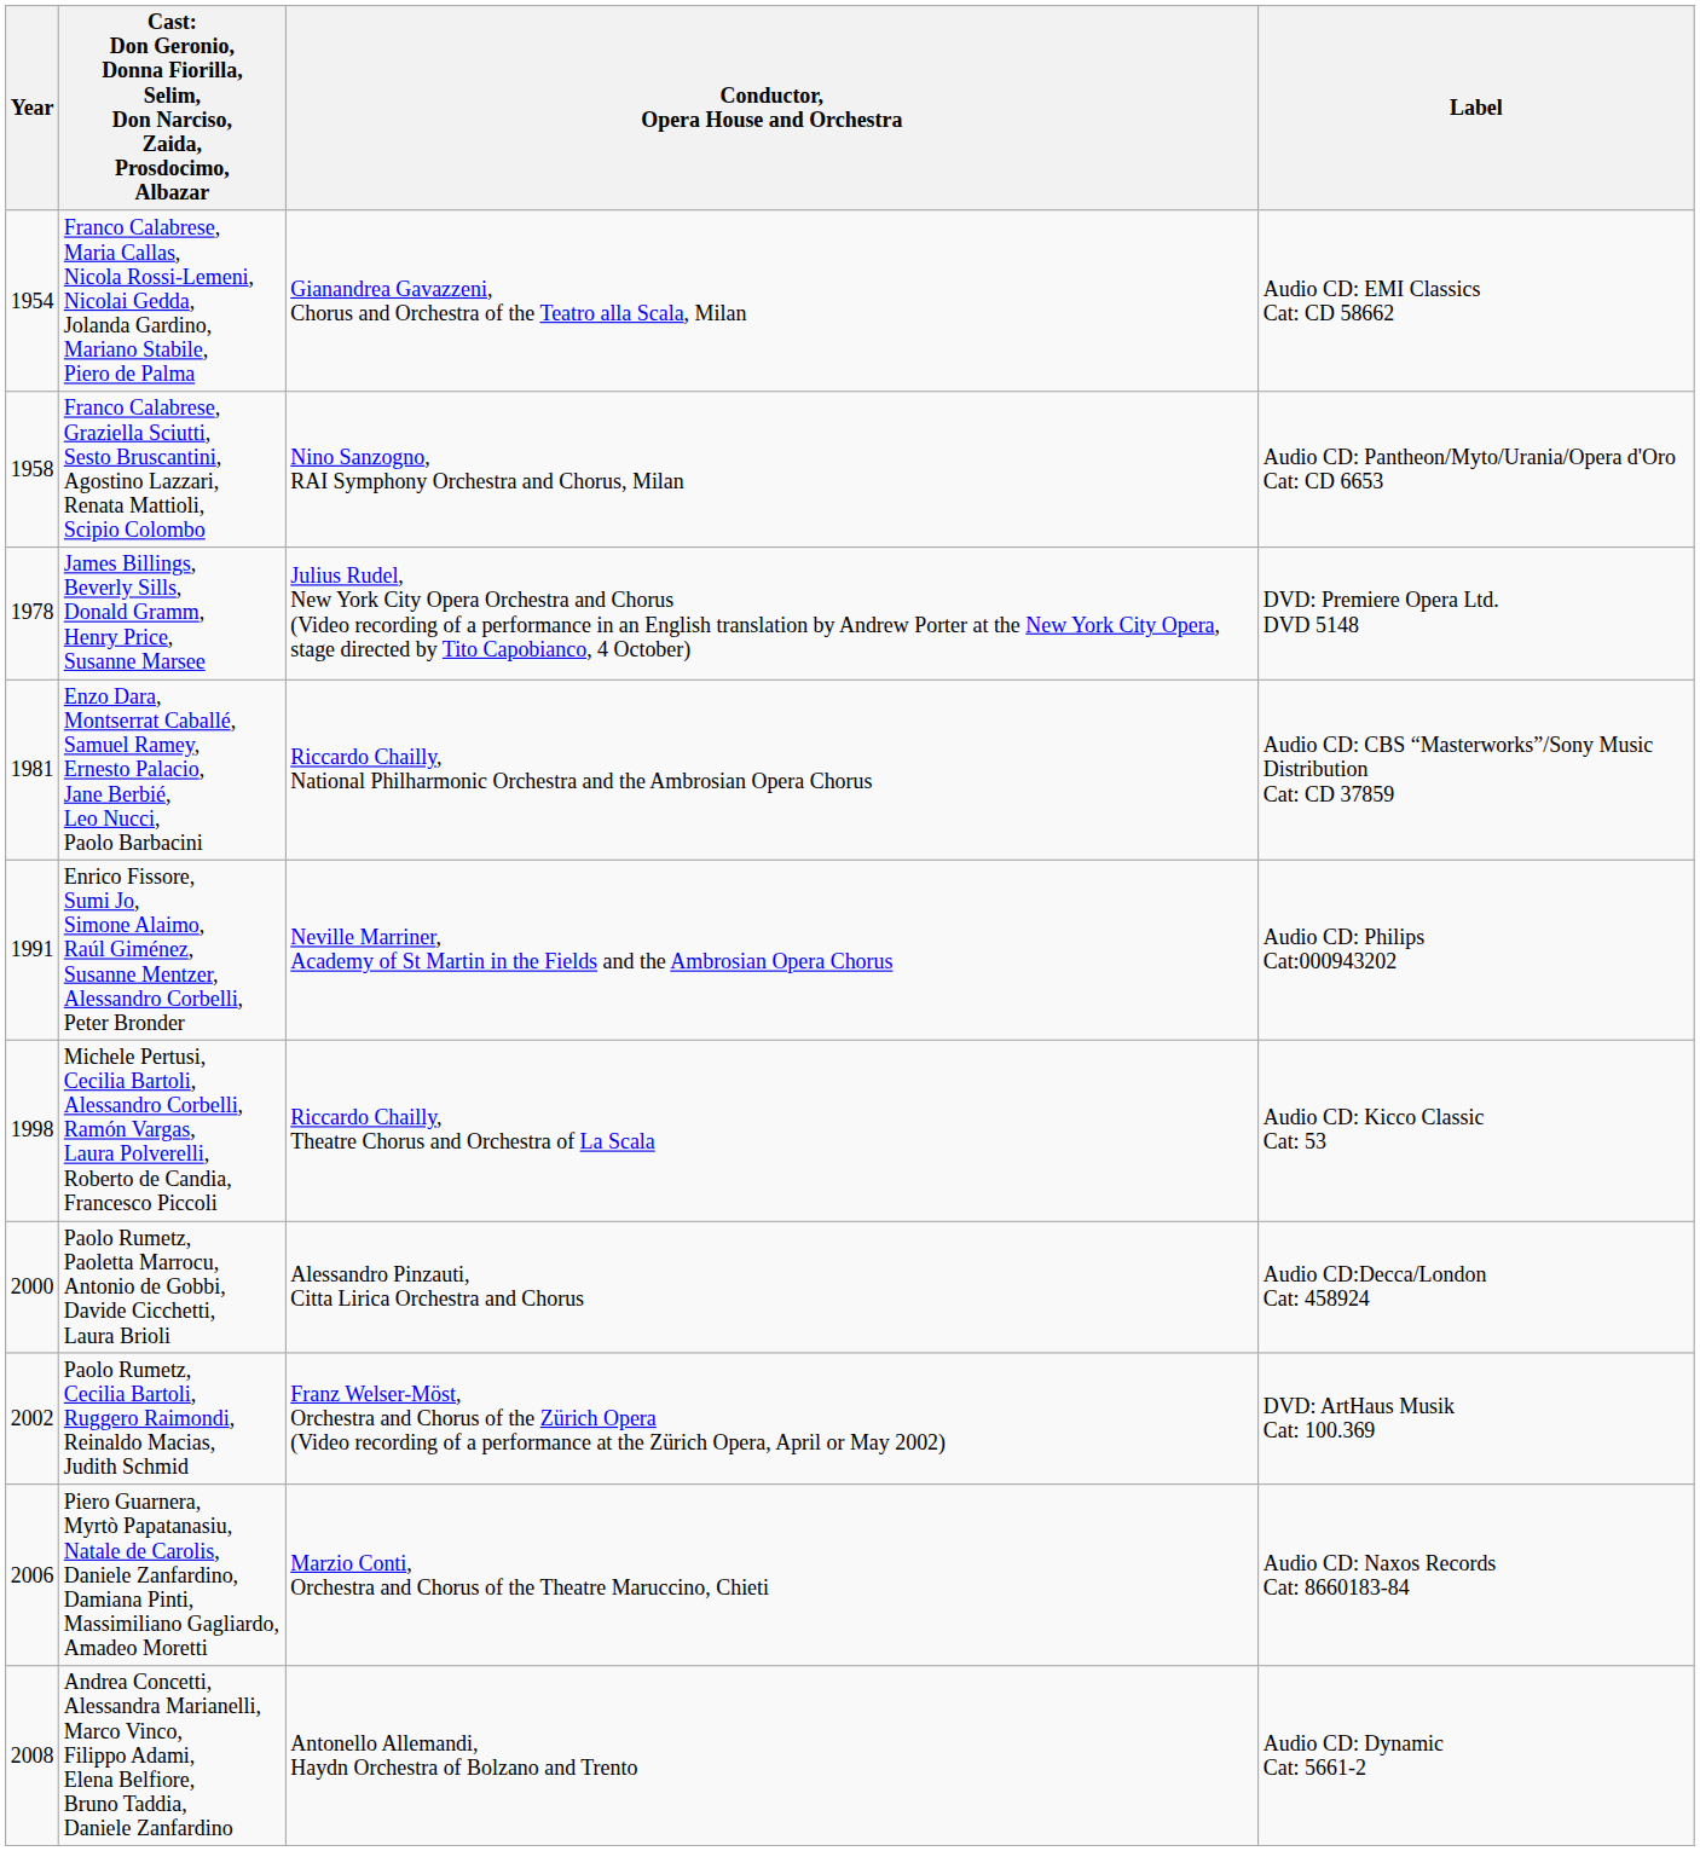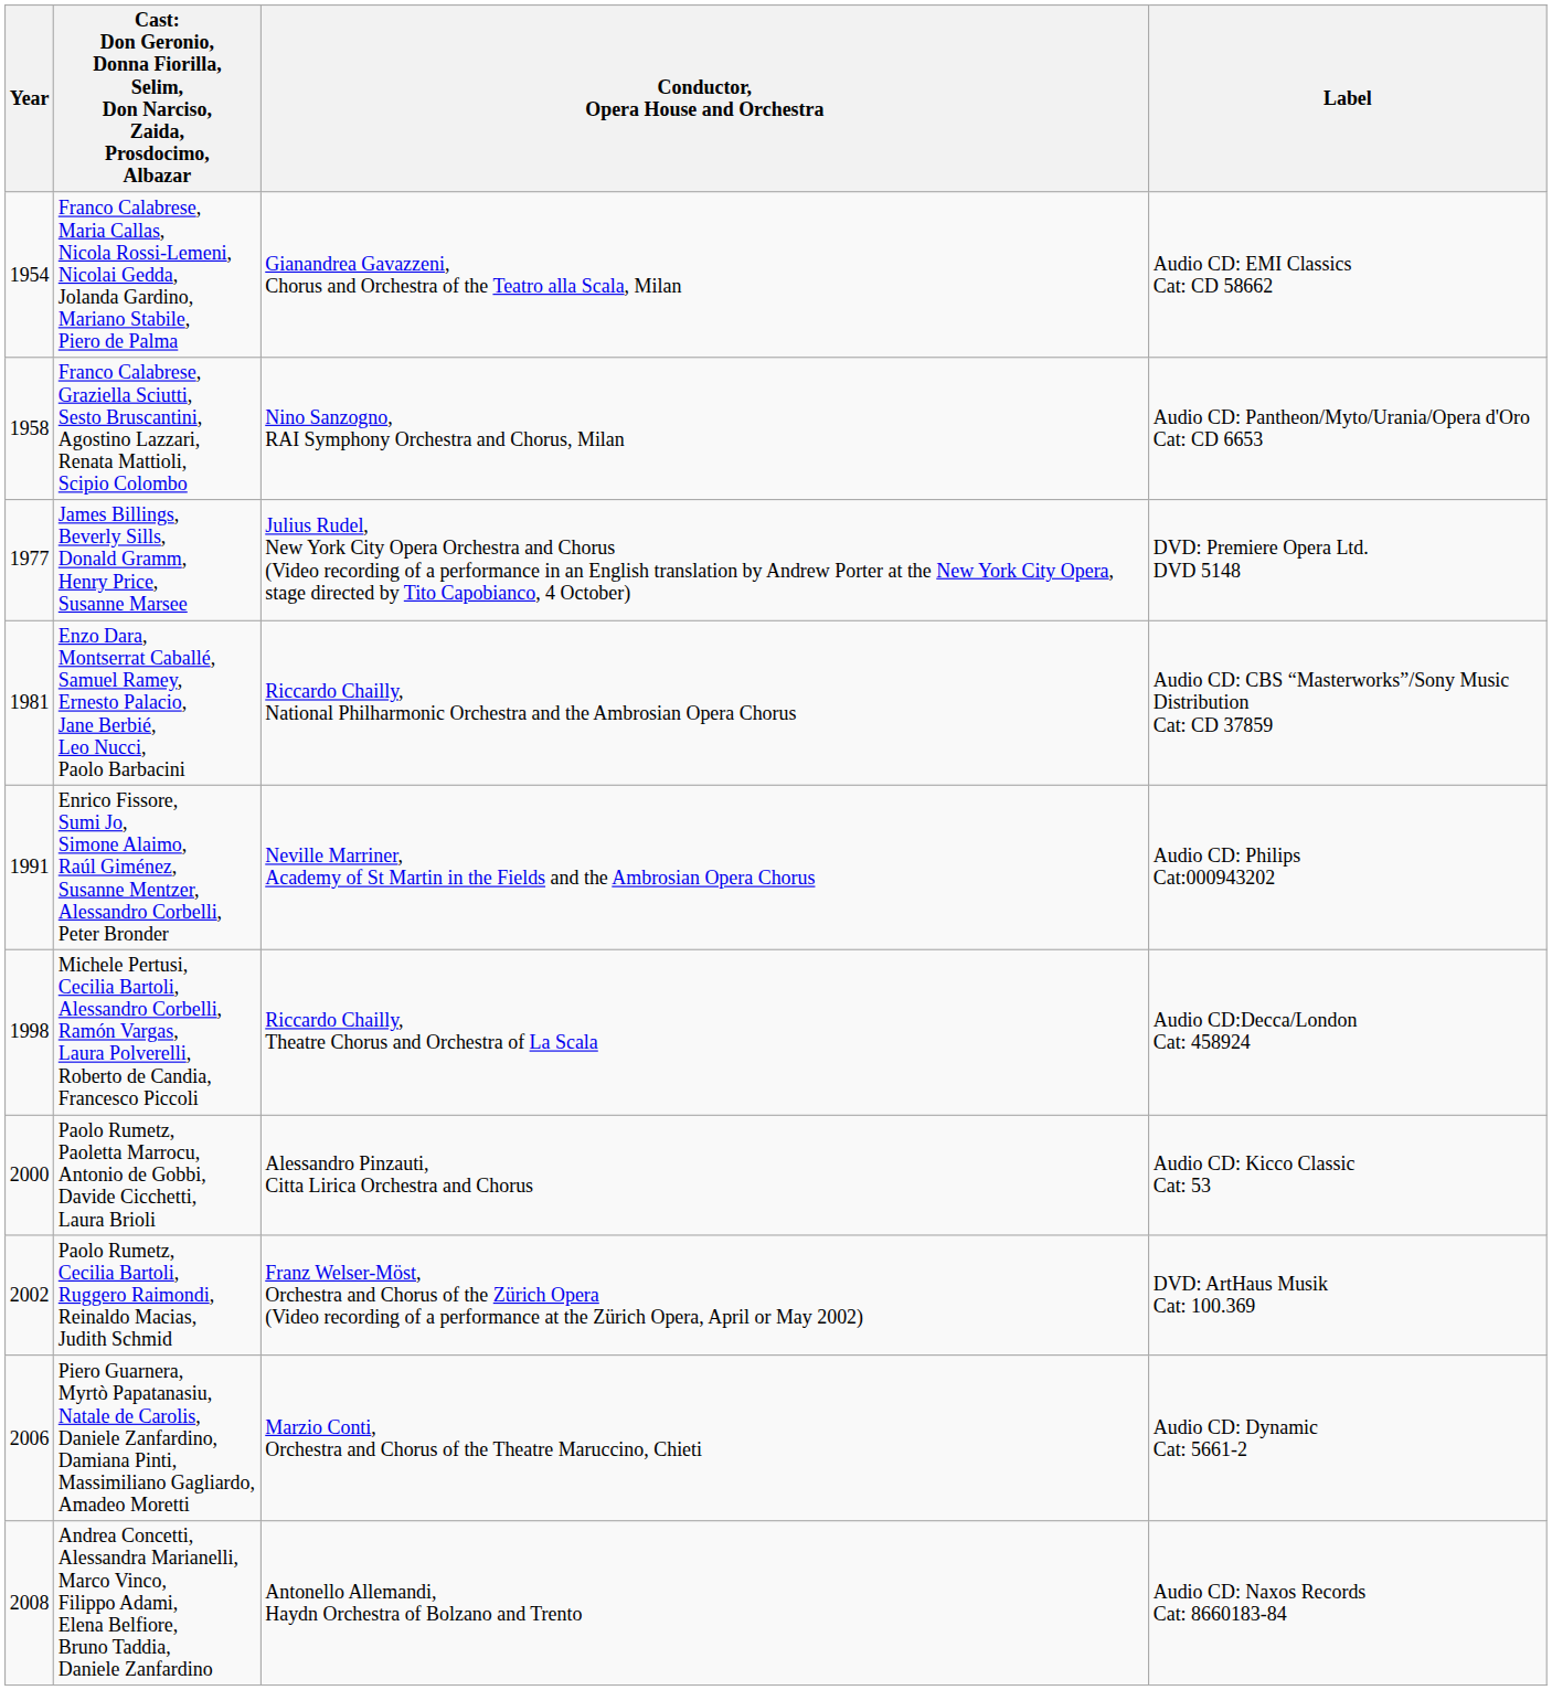 <table class="wikitable">
 <tr>
 <th>Year</th>
 <th width="160">Cast:<br>Don Geronio,<br>Donna Fiorilla,<br>Selim,<br>Don Narciso,<br>Zaida,<br>Prosdocimo,<br>Albazar</th>
 <th>Conductor,<br>Opera House and Orchestra</th>
 <th>Label </th>
 </tr>
 <tr>
 <td>1954</td>
 <td><a href='#'>Franco Calabrese</a>,<br><a href='#'>Maria Callas</a>,<br><a href='#'>Nicola Rossi-Lemeni</a>,<br><a href='#'>Nicolai Gedda</a>,<br>Jolanda Gardino,<br><a href='#'>Mariano Stabile</a>,<br><a href='#'>Piero de Palma</a></td>
 <td><a href='#'>Gianandrea Gavazzeni</a>,<br>Chorus and Orchestra of the <a href='#'>Teatro alla Scala</a>, Milan</td>
 <td>Audio CD: EMI Classics<br>Cat: CD 58662</td>
 </tr>
 <tr>
 <td>1958</td>
 <td><a href='#'>Franco Calabrese</a>,<br><a href='#'>Graziella Sciutti</a>,<br><a href='#'>Sesto Bruscantini</a>,<br>Agostino Lazzari,<br>Renata Mattioli,<br><a href='#'>Scipio Colombo</a></td>
 <td><a href='#'>Nino Sanzogno</a>,<br>RAI Symphony Orchestra and Chorus, Milan</td>
 <td>Audio CD: Pantheon/Myto/Urania/Opera d'Oro<br>Cat: CD 6653</td>
 </tr>
 <tr>
-<td>1978</td>
+<td>1977</td>
 <td><a href='#'>James Billings</a>,<br><a href='#'>Beverly Sills</a>,<br><a href='#'>Donald Gramm</a>,<br><a href='#'>Henry Price</a>,<br><a href='#'>Susanne Marsee</a></td>
 <td><a href='#'>Julius Rudel</a>,<br>New York City Opera Orchestra and Chorus<br>(Video recording of a performance in an English translation by Andrew Porter at the <a href='#'>New York City Opera</a>, stage directed by <a href='#'>Tito Capobianco</a>, 4 October)</td>
 <td>DVD:  Premiere Opera Ltd.<br>DVD 5148</td>
 </tr>
 <tr>
 <td>1981</td>
 <td><a href='#'>Enzo Dara</a>,<br><a href='#'>Montserrat Caballé</a>,<br><a href='#'>Samuel Ramey</a>,<br><a href='#'>Ernesto Palacio</a>,<br><a href='#'>Jane Berbié</a>,<br><a href='#'>Leo Nucci</a>,<br>Paolo Barbacini</td>
 <td><a href='#'>Riccardo Chailly</a>,<br>National Philharmonic Orchestra and the Ambrosian Opera Chorus</td>
 <td>Audio CD: CBS “Masterworks”/Sony Music Distribution<br>Cat: CD 37859</td>
 </tr>
 <tr>
 <td>1991</td>
 <td>Enrico Fissore,<br><a href='#'>Sumi Jo</a>,<br><a href='#'>Simone Alaimo</a>,<br><a href='#'>Raúl Giménez</a>,<br><a href='#'>Susanne Mentzer</a>,<br><a href='#'>Alessandro Corbelli</a>,<br>Peter Bronder</td>
 <td><a href='#'>Neville Marriner</a>,<br><a href='#'>Academy of St Martin in the Fields</a> and the <a href='#'>Ambrosian Opera Chorus</a></td>
 <td>Audio CD: Philips<br>Cat:000943202</td>
 </tr>
 <tr>
 <td>1998</td>
 <td>Michele Pertusi,<br><a href='#'>Cecilia Bartoli</a>,<br><a href='#'>Alessandro Corbelli</a>,<br><a href='#'>Ramón Vargas</a>,<br><a href='#'>Laura Polverelli</a>,<br>Roberto de Candia,<br>Francesco Piccoli</td>
 <td><a href='#'>Riccardo Chailly</a>,<br>Theatre Chorus and Orchestra of <a href='#'>La Scala</a></td>
-<td>Audio CD: Kicco Classic<br>Cat: 53</td>
+<td>Audio CD:Decca/London<br>Cat: 458924</td>
 </tr>
 <tr>
 <td>2000</td>
 <td>Paolo Rumetz,<br>Paoletta Marrocu,<br>Antonio de Gobbi,<br>Davide Cicchetti,<br>Laura Brioli</td>
 <td>Alessandro Pinzauti,<br>Citta Lirica Orchestra and Chorus</td>
-<td>Audio CD:Decca/London<br>Cat: 458924</td>
+<td>Audio CD: Kicco Classic<br>Cat: 53</td>
 </tr>
 <tr>
 <td>2002</td>
 <td>Paolo Rumetz,<br><a href='#'>Cecilia Bartoli</a>,<br><a href='#'>Ruggero Raimondi</a>,<br> Reinaldo Macias,<br> Judith Schmid</td>
 <td><a href='#'>Franz Welser-Möst</a>,<br>Orchestra and Chorus of the <a href='#'>Zürich Opera</a><br>(Video recording of a performance at the Zürich Opera, April or May 2002)</td>
 <td>DVD: ArtHaus Musik<br>Cat: 100.369</td>
 </tr>
 <tr>
 <td>2006</td>
 <td>Piero Guarnera,<br>Myrtò Papatanasiu,<br><a href='#'>Natale de Carolis</a>,<br>Daniele Zanfardino,<br>Damiana Pinti,<br>Massimiliano Gagliardo,<br>Amadeo Moretti</td>
 <td><a href='#'>Marzio Conti</a>,<br>Orchestra and Chorus of the Theatre Maruccino, Chieti</td>
-<td>Audio CD: Naxos Records<br>Cat: 8660183-84</td>
+<td>Audio CD: Dynamic<br>Cat: 5661-2</td>
 </tr>
 <tr>
 <td>2008</td>
 <td>Andrea Concetti,<br>Alessandra Marianelli,<br>Marco Vinco,<br>Filippo Adami,<br>Elena Belfiore,<br>Bruno Taddia,<br>Daniele Zanfardino</td>
 <td>Antonello Allemandi,<br>Haydn Orchestra of Bolzano and Trento</td>
-<td>Audio CD: Dynamic<br>Cat: 5661-2</td>
+<td>Audio CD: Naxos Records<br>Cat: 8660183-84</td>
 </tr>
 <tr>
 </tr>
 </table>
